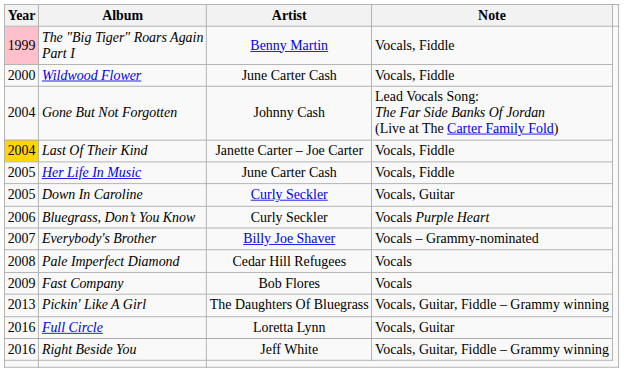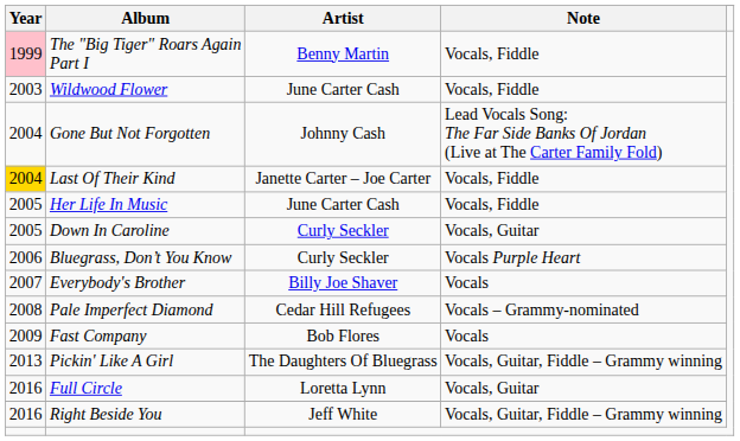 <table class="wikitable">
 <tr>
 <th rowspan="2">Year</th>
 <th rowspan="2">Album</th>
 <th rowspan="2">Artist</th>
 <th rowspan="2">Note</th>
 </tr>
 <tr>
 <td></td>
 </tr>
 <tr>
 <td style="background: pink;">1999</td>
 <td><em>The "Big Tiger" Roars Again <br> Part I</em></td>
 <td style="text-align:center;"><a href='#'>Benny Martin</a></td>
 <td>Vocals, Fiddle</td>
 </tr>
 <tr>
-<td>2000</td>
+<td>2003</td>
 <td><em><a href='#'>Wildwood Flower</a></em></td>
 <td style="text-align:center;">June Carter Cash</td>
 <td>Vocals, Fiddle</td>
 </tr>
 <tr>
 <td>2004</td>
 <td><em>Gone But Not Forgotten</em></td>
 <td style="text-align:center;">Johnny Cash</td>
 <td>Lead Vocals Song:<br><em>The Far Side Banks Of Jordan</em><br>(Live at The <a href='#'>Carter Family Fold</a>)</td>
 </tr>
 <tr>
 <td style="background: gold;">2004</td>
 <td><em>Last Of Their Kind</em></td>
 <td style="text-align:center;">Janette Carter – Joe Carter</td>
 <td>Vocals, Fiddle</td>
 </tr>
 <tr>
 <td>2005</td>
 <td><em><a href='#'>Her Life In Music</a></em></td>
 <td style="text-align:center;">June Carter Cash</td>
 <td>Vocals, Fiddle</td>
 </tr>
 <tr>
 <td>2005</td>
 <td><em>Down In Caroline</em></td>
 <td style="text-align:center;"><a href='#'>Curly Seckler</a></td>
 <td>Vocals, Guitar</td>
 </tr>
 <tr>
 <td>2006</td>
 <td><em> Bluegrass, Don’t You Know </em></td>
 <td style="text-align:center;">Curly Seckler</td>
 <td>Vocals <em>Purple Heart</em></td>
 </tr>
 <tr>
 <td>2007</td>
 <td><em>Everybody's Brother</em></td>
 <td style="text-align:center;"><a href='#'>Billy Joe Shaver</a></td>
-<td>Vocals –  Grammy-nominated</td>
+<td>Vocals</td>
 </tr>
 <tr>
 <td>2008</td>
 <td><em>Pale Imperfect Diamond</em></td>
 <td style="text-align:center;">Cedar Hill Refugees</td>
-<td>Vocals</td>
+<td>Vocals –  Grammy-nominated</td>
 </tr>
 <tr>
 <td>2009</td>
 <td><em>Fast Company</em></td>
 <td style="text-align:center;">Bob Flores</td>
 <td>Vocals</td>
 </tr>
 <tr>
 <td>2013</td>
 <td><em>Pickin' Like A Girl</em></td>
 <td style="text-align:center;">The Daughters Of Bluegrass</td>
 <td>Vocals, Guitar, Fiddle – Grammy winning</td>
 </tr>
 <tr>
 <td>2016</td>
 <td><em><a href='#'>Full Circle</a></em></td>
 <td style="text-align:center;">Loretta Lynn</td>
 <td>Vocals, Guitar</td>
 </tr>
 <tr>
 </tr>
 <tr>
 <td>2016</td>
 <td><em>Right Beside You</em></td>
 <td style="text-align:center;">Jeff White</td>
 <td>Vocals, Guitar, Fiddle – Grammy winning</td>
 </tr>
 <tr>
 <td></td>
 <td></td>
 </tr>
 </table>
